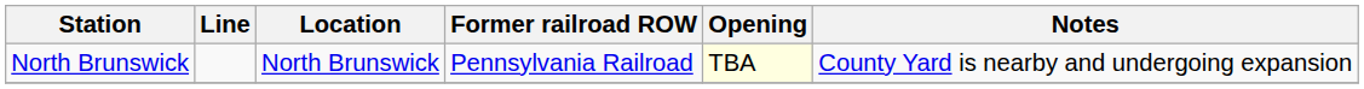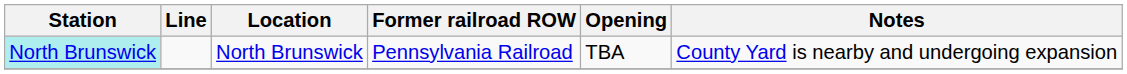 <table class="wikitable sortable">
 <tr>
 <th>Station</th>
 <th>Line</th>
 <th>Location</th>
 <th>Former railroad ROW</th>
 <th>Opening</th>
 <th>Notes</th>
 </tr>
 <tr>
-<td><a href='#'>North Brunswick</a> </td>
+<td style="background: paleturquoise;"><a href='#'>North Brunswick</a> </td>
 <td></td>
 <td><a href='#'>North Brunswick</a></td>
 <td><a href='#'>Pennsylvania Railroad</a></td>
-<td style="background: lightyellow;">TBA</td>
+<td>TBA</td>
 <td><a href='#'>County Yard</a> is nearby and undergoing expansion</td>
 </tr>
 <tr>
 </tr>
 </table>
